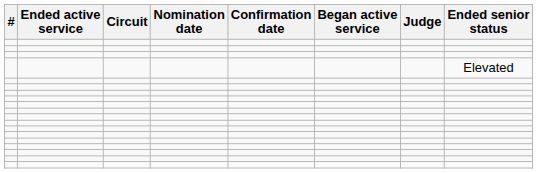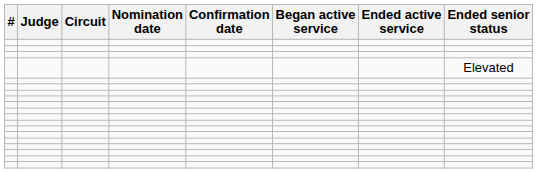 <table class="sortable wikitable">
 <tr bgcolor="#ececec">
 <th>#</th>
-<th>Ended active<br>service</th>
+<th>Judge</th>
 <th>Circuit</th>
 <th>Nomination<br>date</th>
 <th>Confirmation<br>date</th>
 <th>Began active<br>service</th>
-<th>Judge</th>
+<th>Ended active<br>service</th>
 <th>Ended senior<br>status</th>
 </tr>
 <tr>
 <td></td>
 <td></td>
 <td></td>
 <td></td>
 <td></td>
 <td></td>
 <td></td>
 <td align="center"></td>
 </tr>
 <tr>
 <td></td>
 <td></td>
 <td></td>
 <td></td>
 <td></td>
 <td></td>
 <td></td>
 <td align="center"></td>
 </tr>
 <tr>
 <td></td>
 <td></td>
 <td></td>
 <td></td>
 <td></td>
 <td></td>
 <td></td>
 <td align="center"></td>
 </tr>
 <tr>
 <td></td>
 <td></td>
 <td></td>
 <td></td>
 <td></td>
 <td></td>
 <td></td>
 <td align="center">Elevated</td>
 </tr>
 <tr>
 <td></td>
 <td></td>
 <td></td>
 <td></td>
 <td></td>
 <td></td>
 <td></td>
 <td align="center"></td>
 </tr>
 <tr>
 <td></td>
 <td></td>
 <td></td>
 <td></td>
 <td></td>
 <td></td>
 <td></td>
 <td align="center"></td>
 </tr>
 <tr>
 <td></td>
 <td></td>
 <td></td>
 <td></td>
 <td></td>
 <td></td>
 <td></td>
 <td align="center"></td>
 </tr>
 <tr>
 <td></td>
 <td></td>
 <td></td>
 <td></td>
 <td></td>
 <td></td>
 <td></td>
 <td align="center"></td>
 </tr>
 <tr>
 <td></td>
 <td></td>
 <td></td>
 <td></td>
 <td></td>
 <td></td>
 <td></td>
 <td align="center"></td>
 </tr>
 <tr>
 <td></td>
 <td></td>
 <td></td>
 <td></td>
 <td></td>
 <td></td>
 <td></td>
 <td align="center"></td>
 </tr>
 <tr>
 <td></td>
 <td></td>
 <td></td>
 <td></td>
 <td></td>
 <td></td>
 <td></td>
 <td align="center"></td>
 </tr>
 <tr>
 <td></td>
 <td></td>
 <td></td>
 <td></td>
 <td></td>
 <td></td>
 <td></td>
 <td align="center"></td>
 </tr>
 <tr>
 <td></td>
 <td></td>
 <td></td>
 <td></td>
 <td></td>
 <td></td>
 <td></td>
 <td align="center"></td>
 </tr>
 <tr>
 <td></td>
 <td></td>
 <td></td>
 <td></td>
 <td></td>
 <td></td>
 <td></td>
 <td align="center"></td>
 </tr>
 <tr>
 <td></td>
 <td></td>
 <td></td>
 <td></td>
 <td></td>
 <td></td>
 <td></td>
 <td></td>
 </tr>
 <tr>
 <td></td>
 <td></td>
 <td></td>
 <td></td>
 <td></td>
 <td></td>
 <td></td>
 <td></td>
 </tr>
 <tr>
 <td></td>
 <td></td>
 <td></td>
 <td></td>
 <td></td>
 <td></td>
 <td></td>
 <td></td>
 </tr>
 <tr>
 <td></td>
 <td></td>
 <td></td>
 <td></td>
 <td></td>
 <td></td>
 <td></td>
 <td align="center"></td>
 </tr>
 <tr>
 <td></td>
 <td></td>
 <td></td>
 <td></td>
 <td></td>
 <td></td>
 <td></td>
 <td align="center"></td>
 </tr>
 </table>
